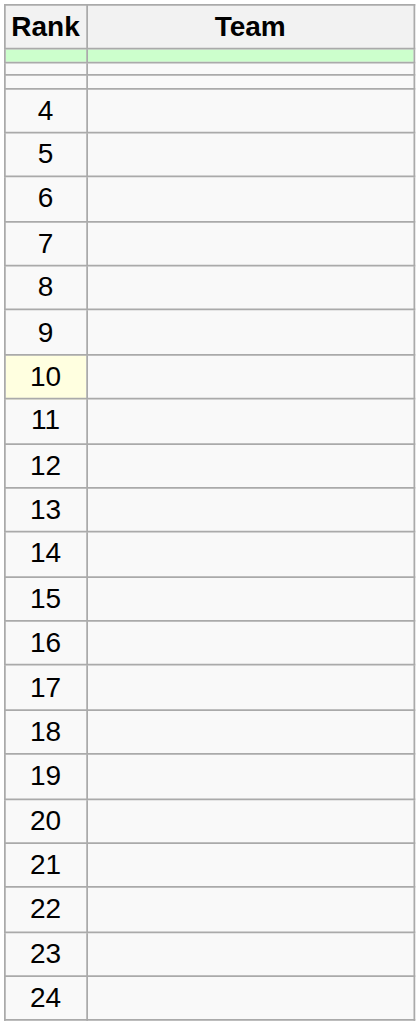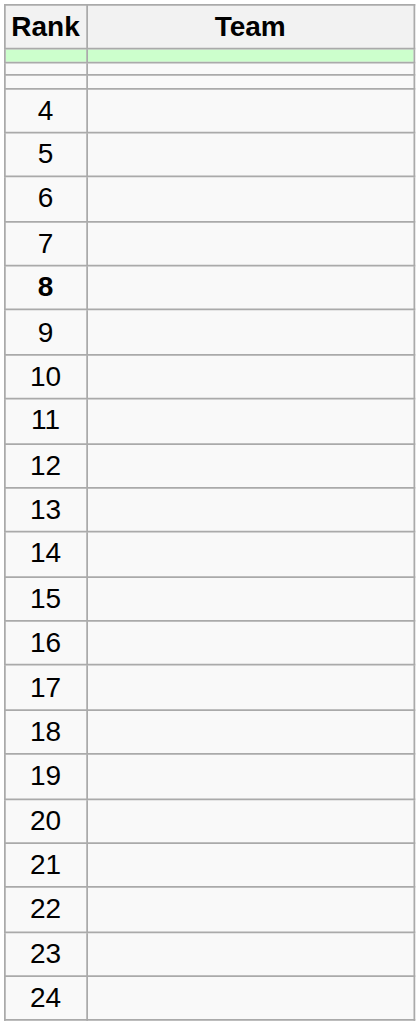 <table class=wikitable style="text-align:center;">
 <tr>
 <th>Rank</th>
 <th width=180>Team</th>
 </tr>
 <tr bgcolor=#CCFFCC>
 <td></td>
 <td align=left></td>
 </tr>
 <tr>
 <td></td>
 <td align=left></td>
 </tr>
 <tr>
 <td></td>
 <td align=left></td>
 </tr>
 <tr>
 <td>4</td>
 <td align=left></td>
 </tr>
 <tr>
 <td>5</td>
 <td align=left></td>
 </tr>
 <tr>
 <td>6</td>
 <td align=left></td>
 </tr>
 <tr>
 <td>7</td>
 <td align=left></td>
 </tr>
 <tr>
-<td>8</td>
+<td><strong>8</strong></td>
 <td align=left></td>
 </tr>
 <tr>
 <td>9</td>
 <td align=left></td>
 </tr>
 <tr>
-<td style="background: lightyellow;">10</td>
+<td>10</td>
 <td align=left></td>
 </tr>
 <tr>
 <td>11</td>
 <td align=left></td>
 </tr>
 <tr>
 <td>12</td>
 <td align=left></td>
 </tr>
 <tr>
 <td>13</td>
 <td align=left></td>
 </tr>
 <tr>
 <td>14</td>
 <td align=left></td>
 </tr>
 <tr>
 <td>15</td>
 <td align=left></td>
 </tr>
 <tr>
 <td>16</td>
 <td align=left></td>
 </tr>
 <tr>
 <td>17</td>
 <td align=left></td>
 </tr>
 <tr>
 <td>18</td>
 <td align=left></td>
 </tr>
 <tr>
 <td>19</td>
 <td align=left></td>
 </tr>
 <tr>
 <td>20</td>
 <td align=left></td>
 </tr>
 <tr>
 <td>21</td>
 <td align=left></td>
 </tr>
 <tr>
 <td>22</td>
 <td align=left></td>
 </tr>
 <tr>
 <td>23</td>
 <td align=left></td>
 </tr>
 <tr>
 <td>24</td>
 <td align=left></td>
 </tr>
 </table>
